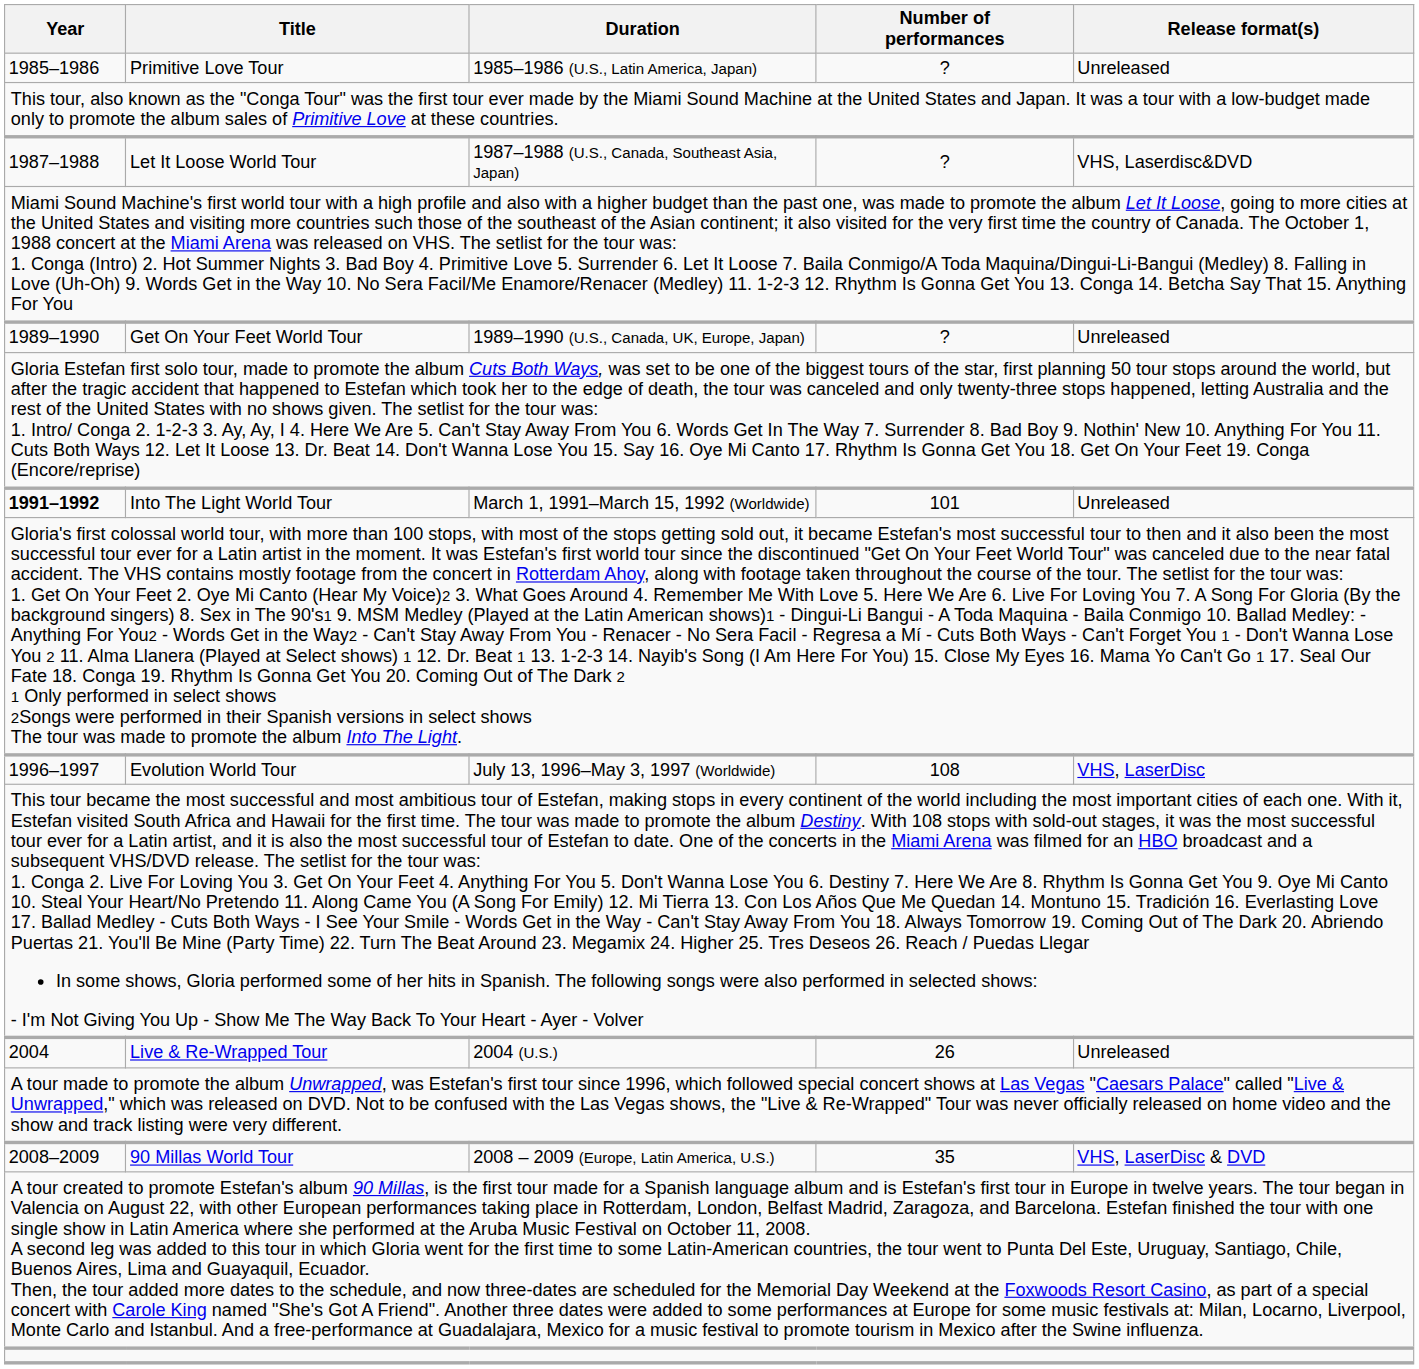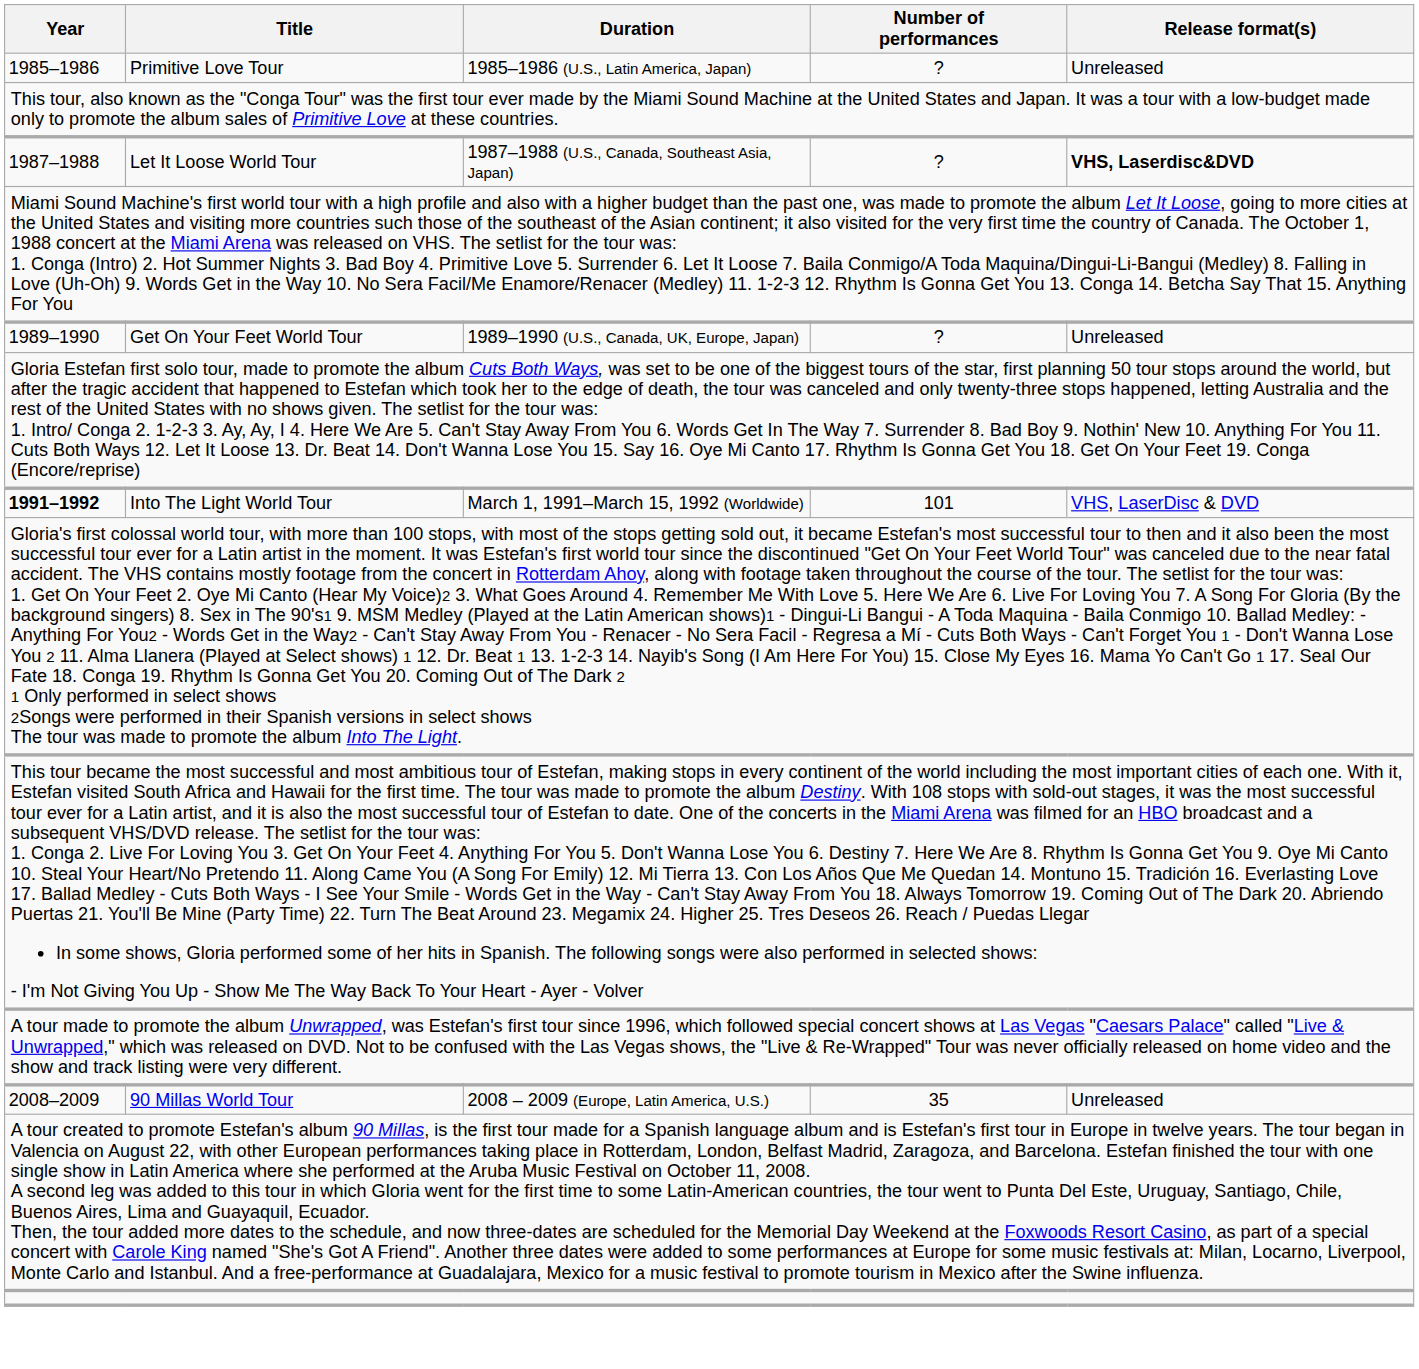 <table class="wikitable">
 <tr>
 <th>Year</th>
 <th>Title</th>
 <th style="width:300px;">Duration</th>
 <th>Number of<br>performances</th>
 <th>Release format(s)</th>
 </tr>
 <tr>
 <td width=100>1985–1986</td>
 <td>Primitive Love Tour</td>
 <td>1985–1986 <small>(U.S., Latin America, Japan)</small></td>
 <td style="text-align:center;">?</td>
 <td>Unreleased</td>
 </tr>
 <tr>
 <td colspan="5" style="border-bottom-width:3px; padding:5px;">This tour, also known  as the "Conga Tour" was the first tour ever made by the Miami Sound Machine at the United States and Japan.  It was a tour with a low-budget made only to promote the album sales of <em><a href='#'>Primitive Love</a></em> at these countries.</td>
 </tr>
 <tr>
 <td width=100>1987–1988</td>
 <td>Let It Loose World Tour</td>
 <td>1987–1988 <small>(U.S., Canada, Southeast Asia, Japan)</small></td>
 <td style="text-align:center;">?</td>
-<td>VHS, Laserdisc&DVD</td>
+<td><strong>VHS, Laserdisc&DVD</strong></td>
 </tr>
 <tr>
 <td colspan="5" style="border-bottom-width:3px; padding:5px;">Miami Sound Machine's first world tour with a high profile and also with a higher budget than the past one, was made to promote the album <em><a href='#'>Let It Loose</a></em>, going to more cities at the United States and visiting more countries such those of the southeast of the Asian continent; it also visited for the very first time the country of Canada. The October 1, 1988 concert at the <a href='#'>Miami Arena</a> was released on VHS.  The setlist for the tour was:<br>1. Conga (Intro) 2. Hot Summer Nights 3. Bad Boy 4. Primitive Love 5. Surrender 6. Let It Loose 7. Baila Conmigo/A Toda Maquina/Dingui-Li-Bangui (Medley) 8. Falling in Love (Uh-Oh) 9. Words Get in the Way 10. No Sera Facil/Me Enamore/Renacer (Medley) 11. 1-2-3 12. Rhythm Is Gonna Get You 13. Conga 14. Betcha Say That 15. Anything For You</td>
 </tr>
 <tr>
 <td width=100>1989–1990</td>
 <td>Get On Your Feet World Tour</td>
 <td>1989–1990 <small>(U.S., Canada, UK, Europe, Japan)</small></td>
 <td style="text-align:center;">?</td>
 <td>Unreleased</td>
 </tr>
 <tr>
 <td colspan="5" style="border-bottom-width:3px; padding:5px;">Gloria Estefan first solo tour, made to promote the album <em><a href='#'>Cuts Both Ways</a>,</em> was set to be one of the biggest tours of the star, first planning 50 tour stops around the world, but after the tragic accident that happened to Estefan which took her to the edge of death, the tour was canceled and only twenty-three stops happened, letting Australia and the rest of the United States with no shows given.  The setlist for the tour was:<br>1. Intro/ Conga 2. 1-2-3 3. Ay, Ay, I 4. Here We Are 5. Can't Stay Away From You 6. Words Get In The Way 7. Surrender 8. Bad Boy 9. Nothin' New 10. Anything For You 11. Cuts Both Ways 12. Let It Loose 13. Dr. Beat 14. Don't Wanna Lose You 15. Say 16. Oye Mi Canto 17. Rhythm Is Gonna Get You 18. Get On Your Feet 19. Conga (Encore/reprise)</td>
 </tr>
 <tr>
 <td width=100><strong>1991–1992</strong></td>
 <td>Into The Light World Tour</td>
 <td>March 1, 1991–March 15, 1992 <small>(Worldwide)</small></td>
 <td style="text-align:center;">101</td>
-<td>Unreleased</td>
+<td><a href='#'>VHS</a>, <a href='#'>LaserDisc</a> & <a href='#'>DVD</a></td>
 </tr>
 <tr>
 <td colspan="5" style="border-bottom-width:3px; padding:5px;">Gloria's first colossal world tour, with more than 100 stops, with most of the stops getting sold out, it became  Estefan's most successful tour to then and it also been the most successful tour ever for a Latin artist in the moment. It was Estefan's first world tour since the discontinued "Get On Your Feet World Tour" was canceled due to the near fatal accident.  The VHS contains mostly footage from the concert in <a href='#'>Rotterdam Ahoy</a>, along with footage taken throughout the course of the tour. The setlist for the tour was:<br>1. Get On Your Feet 2. Oye Mi Canto (Hear My Voice)<small>2</small> 3. What Goes Around 4. Remember Me With Love 5. Here We Are 6. Live For Loving You 7. A Song For Gloria (By the background singers) 8. Sex in The 90's<small>1</small> 9. MSM Medley (Played at the Latin American shows)<small>1</small> - Dingui-Li Bangui - A Toda Maquina - Baila Conmigo 10. Ballad Medley: - Anything For You<small>2</small> - Words Get in the Way<small>2</small> - Can't Stay Away From You - Renacer - No Sera Facil - Regresa a Mí - Cuts Both Ways - Can't Forget You <small>1</small> - Don't Wanna Lose You <small>2</small> 11. Alma Llanera (Played at Select shows) <small>1</small> 12. Dr. Beat <small>1</small> 13. 1-2-3 14. Nayib's Song (I Am Here For You) 15. Close My Eyes 16. Mama Yo Can't Go <small>1</small> 17. Seal Our Fate 18. Conga 19. Rhythm Is Gonna Get You 20. Coming Out of The Dark <small>2</small><br><small>1</small> Only performed in select shows<br><small>2</small>Songs were performed in their Spanish versions in select shows<br>The tour was made to promote the album <em><a href='#'>Into The Light</a></em>.</td>
 </tr>
 <tr>
-<td width=100>1996–1997</td>
-<td>Evolution World Tour</td>
-<td>July 13, 1996–May 3, 1997 <small>(Worldwide)</small></td>
-<td style="text-align:center;">108</td>
-<td><a href='#'>VHS</a>, <a href='#'>LaserDisc</a></td>
-</tr>
-<tr>
 <td colspan="5" style="border-bottom-width:3px; padding:5px;">This tour became the most successful and most ambitious tour of Estefan, making stops in every continent of the world including the most important cities of each one.  With it, Estefan visited South Africa and Hawaii for the first time. The tour was made to promote the album <em><a href='#'>Destiny</a></em>. With 108 stops with sold-out stages, it was the most successful tour ever for a Latin artist, and it is also the most successful tour of Estefan to date.  One of the concerts in the <a href='#'>Miami Arena</a> was filmed for an <a href='#'>HBO</a> broadcast and a subsequent VHS/DVD release.  The setlist for the tour was:<br>1. Conga 2. Live For Loving You 3. Get On Your Feet 4. Anything For You 5. Don't Wanna Lose You 6. Destiny 7. Here We Are 8. Rhythm Is Gonna Get You 9. Oye Mi Canto 10. Steal Your Heart/No Pretendo 11. Along Came You (A Song For Emily) 12. Mi Tierra 13. Con Los Años Que Me Quedan 14. Montuno 15. Tradición 16. Everlasting Love 17. Ballad Medley - Cuts Both Ways - I See Your Smile - Words Get in the Way - Can't Stay Away From You 18. Always Tomorrow 19. Coming Out of The Dark 20. Abriendo Puertas 21. You'll Be Mine (Party Time) 22. Turn The Beat Around 23. Megamix 24. Higher 25. Tres Deseos 26. Reach / Puedas Llegar<ul><li>In some shows, Gloria performed some of her hits in Spanish.  The following songs were also performed in selected shows:</li></ul>- I'm Not Giving You Up - Show Me The Way Back To Your Heart - Ayer - Volver </td>
-</tr>
-<tr>
-<td width=100>2004</td>
-<td><a href='#'>Live & Re-Wrapped Tour</a></td>
-<td>2004 <small>(U.S.)</small></td>
-<td style="text-align:center;">26</td>
-<td>Unreleased</td>
 </tr>
 <tr>
 <td colspan="5" style="border-bottom-width:3px; padding:5px;">A tour made to promote the album <em><a href='#'>Unwrapped</a></em>, was Estefan's first tour since 1996, which followed special concert shows at <a href='#'>Las Vegas</a> "<a href='#'>Caesars Palace</a>" called "<a href='#'>Live & Unwrapped</a>," which was released on DVD. Not to be confused with the Las Vegas shows, the "Live & Re-Wrapped" Tour was never officially released on home video and the show and track listing were very different.</td>
 </tr>
 <tr>
 <td width=100>2008–2009</td>
 <td><a href='#'>90 Millas World Tour</a></td>
 <td>2008 – 2009 <small>(Europe, Latin America, U.S.)</small></td>
 <td style="text-align:center;">35</td>
-<td><a href='#'>VHS</a>, <a href='#'>LaserDisc</a> & <a href='#'>DVD</a></td>
+<td>Unreleased</td>
 </tr>
 <tr>
 <td colspan="5" style="border-bottom-width:3px; padding:5px;">A tour created to promote Estefan's album <em><a href='#'>90 Millas</a></em>, is the first tour made for a Spanish language album and is Estefan's first tour in Europe in twelve years. The tour began in Valencia on August 22, with other European performances taking place in Rotterdam, London, Belfast Madrid, Zaragoza, and Barcelona. Estefan finished the tour with one single show in Latin America where she performed at the Aruba Music Festival on October 11, 2008.<br>A second leg was added to this tour in which Gloria went for the first time to some Latin-American countries, the tour went to Punta Del Este, Uruguay, Santiago, Chile, Buenos Aires, Lima and Guayaquil, Ecuador.<br>Then, the tour added more dates to the schedule, and now three-dates are scheduled for the Memorial Day Weekend at the <a href='#'>Foxwoods Resort Casino</a>, as part of a special concert with <a href='#'>Carole King</a> named "She's Got A Friend". Another three dates were added to some performances at Europe for some music festivals at: Milan, Locarno, Liverpool, Monte Carlo and Istanbul. And a free-performance at Guadalajara, Mexico for a music festival to promote tourism in Mexico after the Swine influenza.</td>
 </tr>
 <tr>
 <td colspan="5" style="border-bottom-width:3px; padding:5px;"></td>
 </tr>
 </table>
